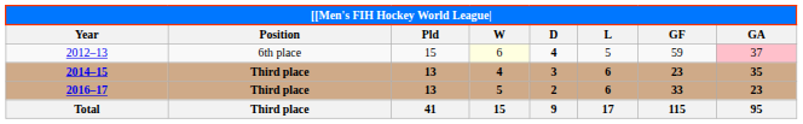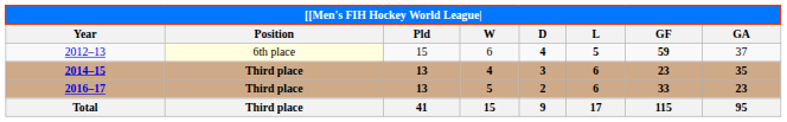 <table class="wikitable" style="text-align: center; width:85%">
 <tr>
 <th colspan=9 style="background: #0077FF;border: 2px solid #ff3300;color: #FFFFFF;">[[Men's FIH Hockey World League|</th>
 </tr>
 <tr>
 <th>Year</th>
 <th>Position</th>
 <th>Pld</th>
 <th>W</th>
 <th>D</th>
 <th>L</th>
 <th>GF</th>
 <th>GA</th>
 </tr>
 <tr>
 <td><a href='#'>2012–13</a></td>
-<td>6th place</td>
+<td style="background: lightyellow;">6th place</td>
 <td>15</td>
-<td style="background: lightyellow;">6</td>
+<td>6</td>
 <td><strong>4</strong></td>
-<td>5</td>
-<td>59</td>
-<td style="background: pink;">37</td>
+<td><strong>5</strong></td>
+<td><strong>59</strong></td>
+<td>37</td>
 </tr>
 <tr bgcolor=#CFAA88>
 <td><strong><a href='#'>2014–15</a></strong></td>
 <td><strong> Third place</strong></td>
 <td><strong>13</strong></td>
 <td><strong>4</strong></td>
 <td><strong>3</strong></td>
 <td><strong>6</strong></td>
 <td><strong>23</strong></td>
 <td><strong>35</strong></td>
 </tr>
 <tr bgcolor=#CFAA88>
 <td><strong><a href='#'>2016–17</a></strong></td>
 <td><strong> Third place</strong></td>
 <td><strong>13</strong></td>
 <td><strong>5</strong></td>
 <td><strong>2</strong></td>
 <td><strong>6</strong></td>
 <td><strong>33</strong></td>
 <td><strong>23</strong></td>
 </tr>
 <tr>
 <th>Total</th>
 <th>Third place</th>
 <th>41</th>
 <th>15</th>
 <th>9</th>
 <th>17</th>
 <th>115</th>
 <th>95</th>
 </tr>
 </table>
